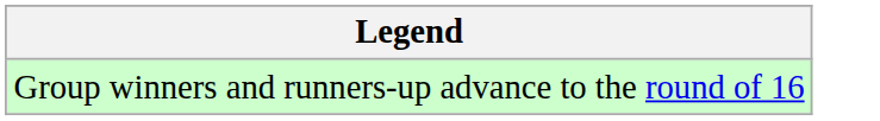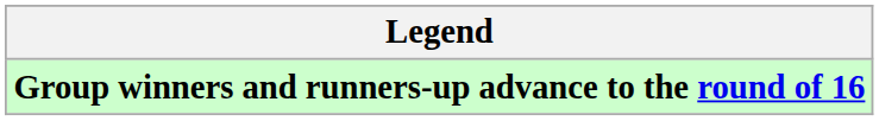 <table class="wikitable">
 <tr>
 <th>Legend</th>
 </tr>
 <tr bgcolor=#ccffcc>
-<td>Group winners and runners-up advance to the <a href='#'>round of 16</a></td>
+<td><strong>Group winners and runners-up advance to the <a href='#'>round of 16</a></strong></td>
 </tr>
 </table>
